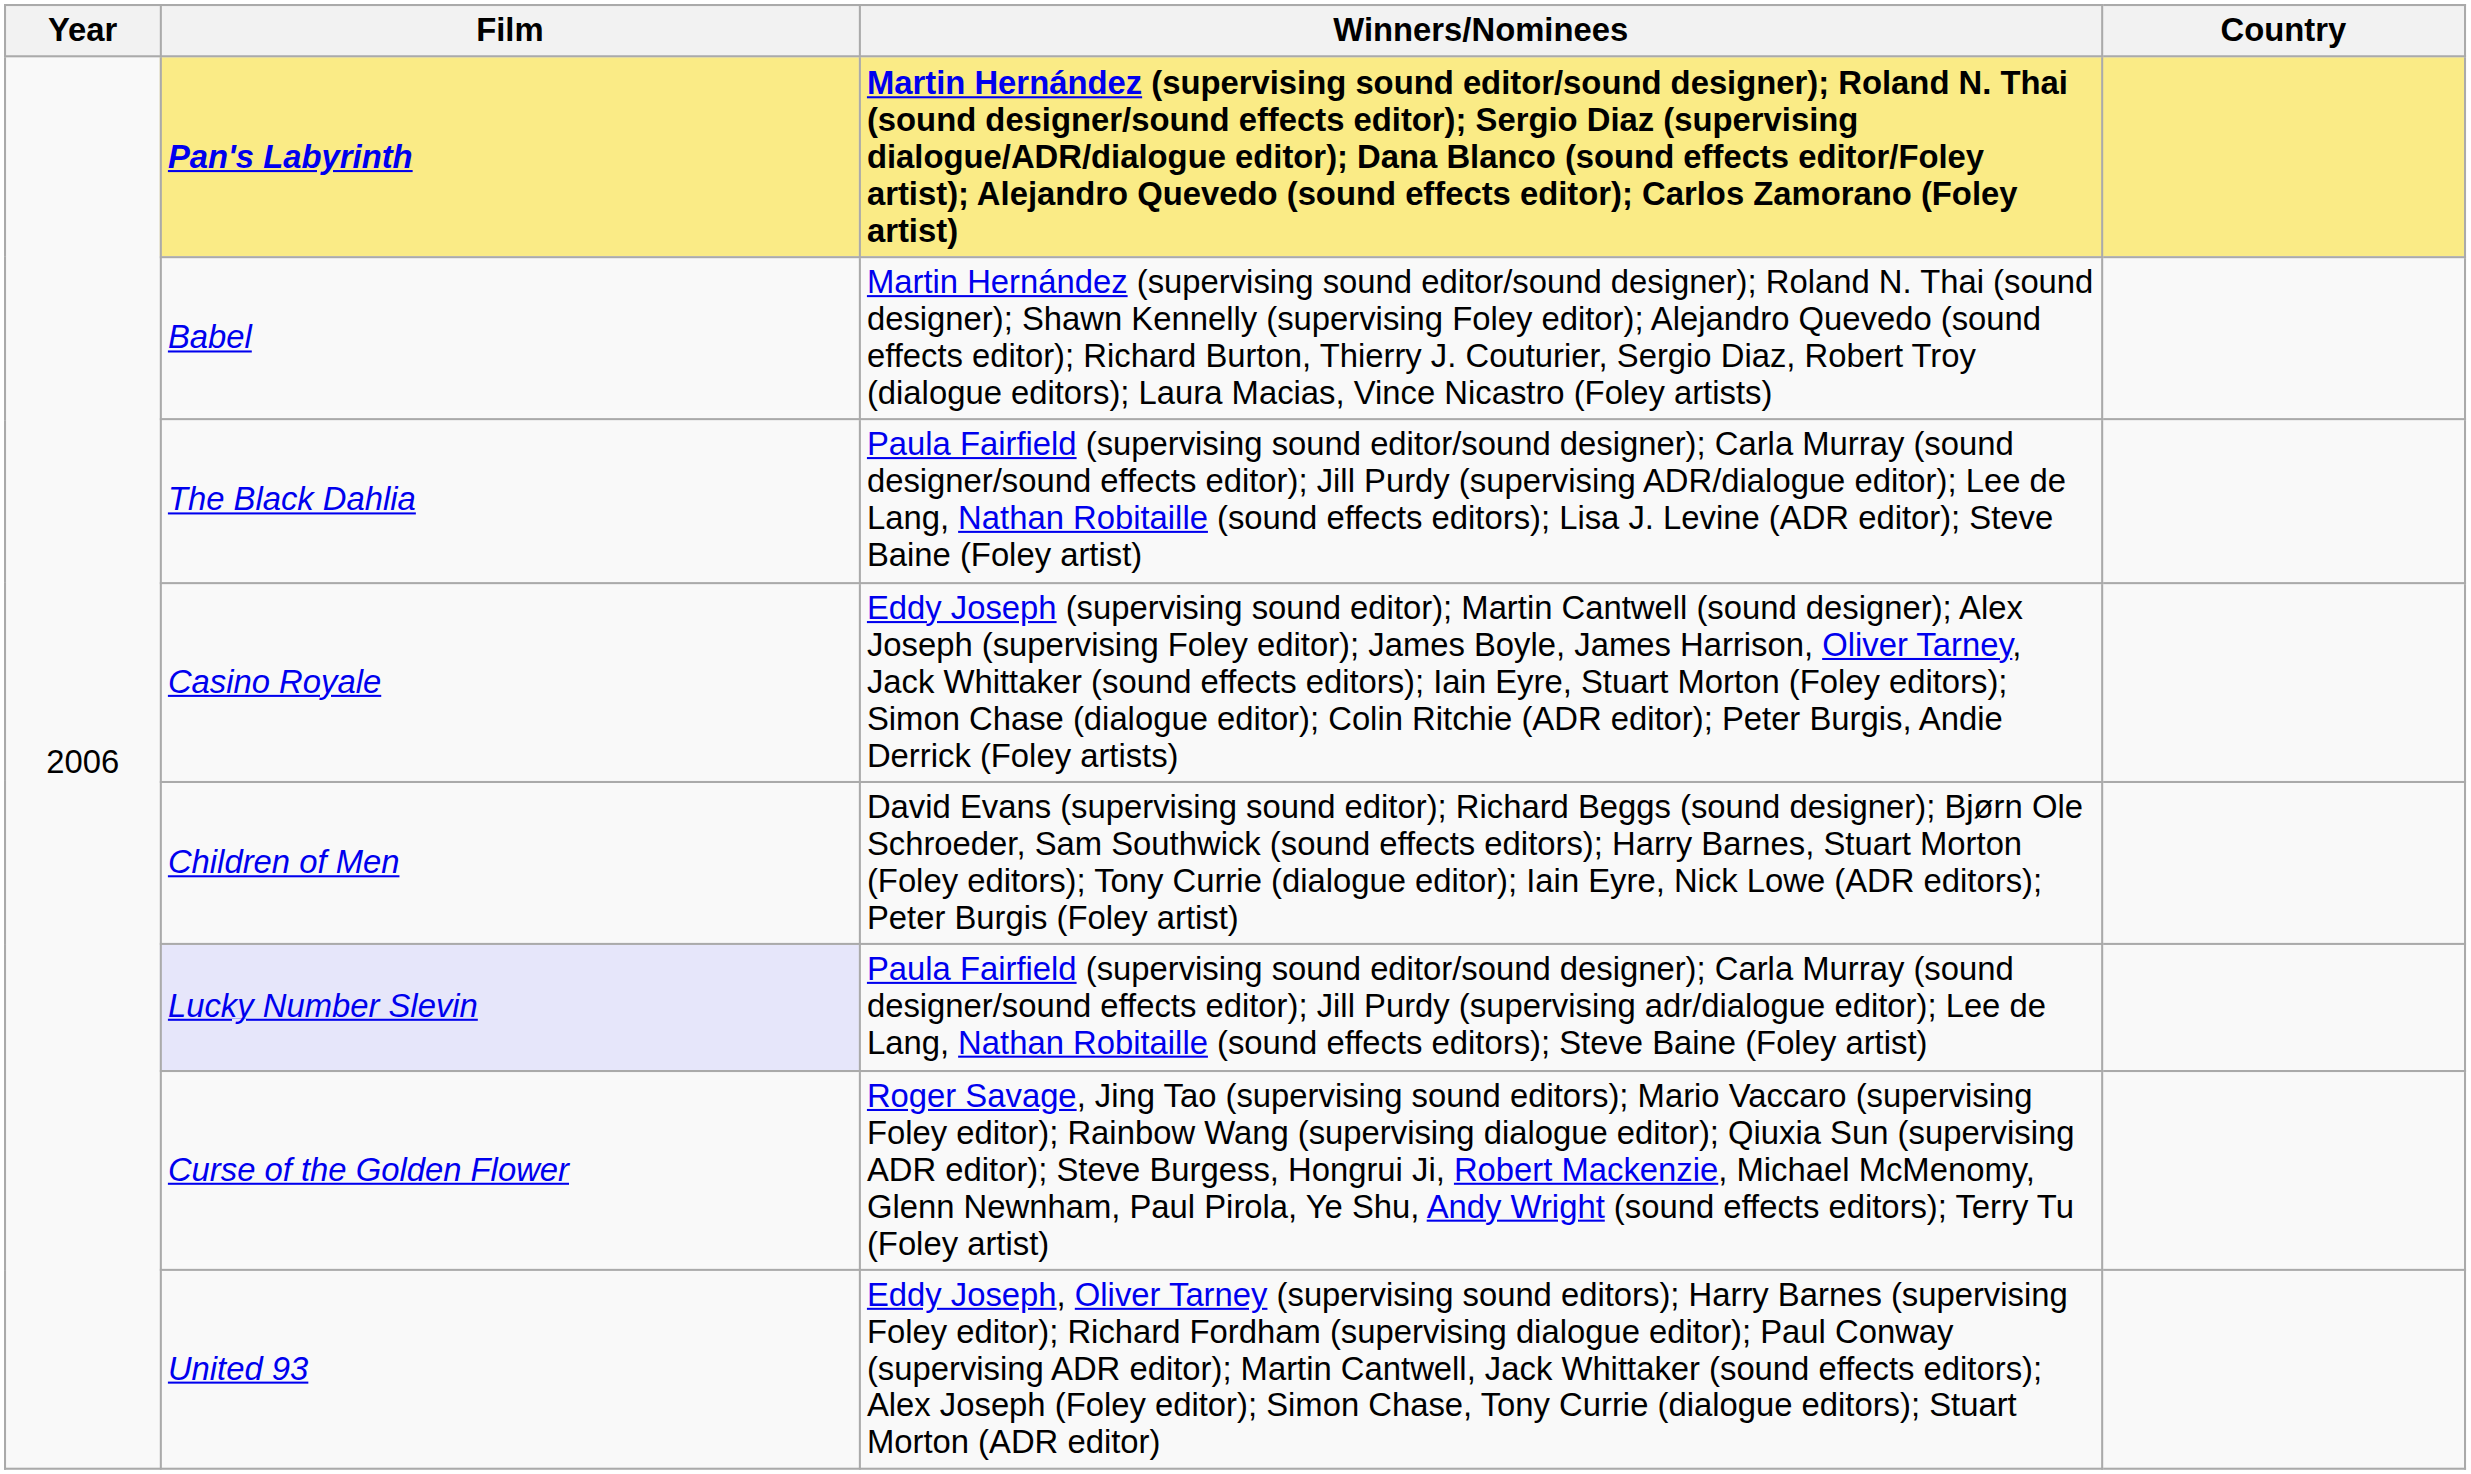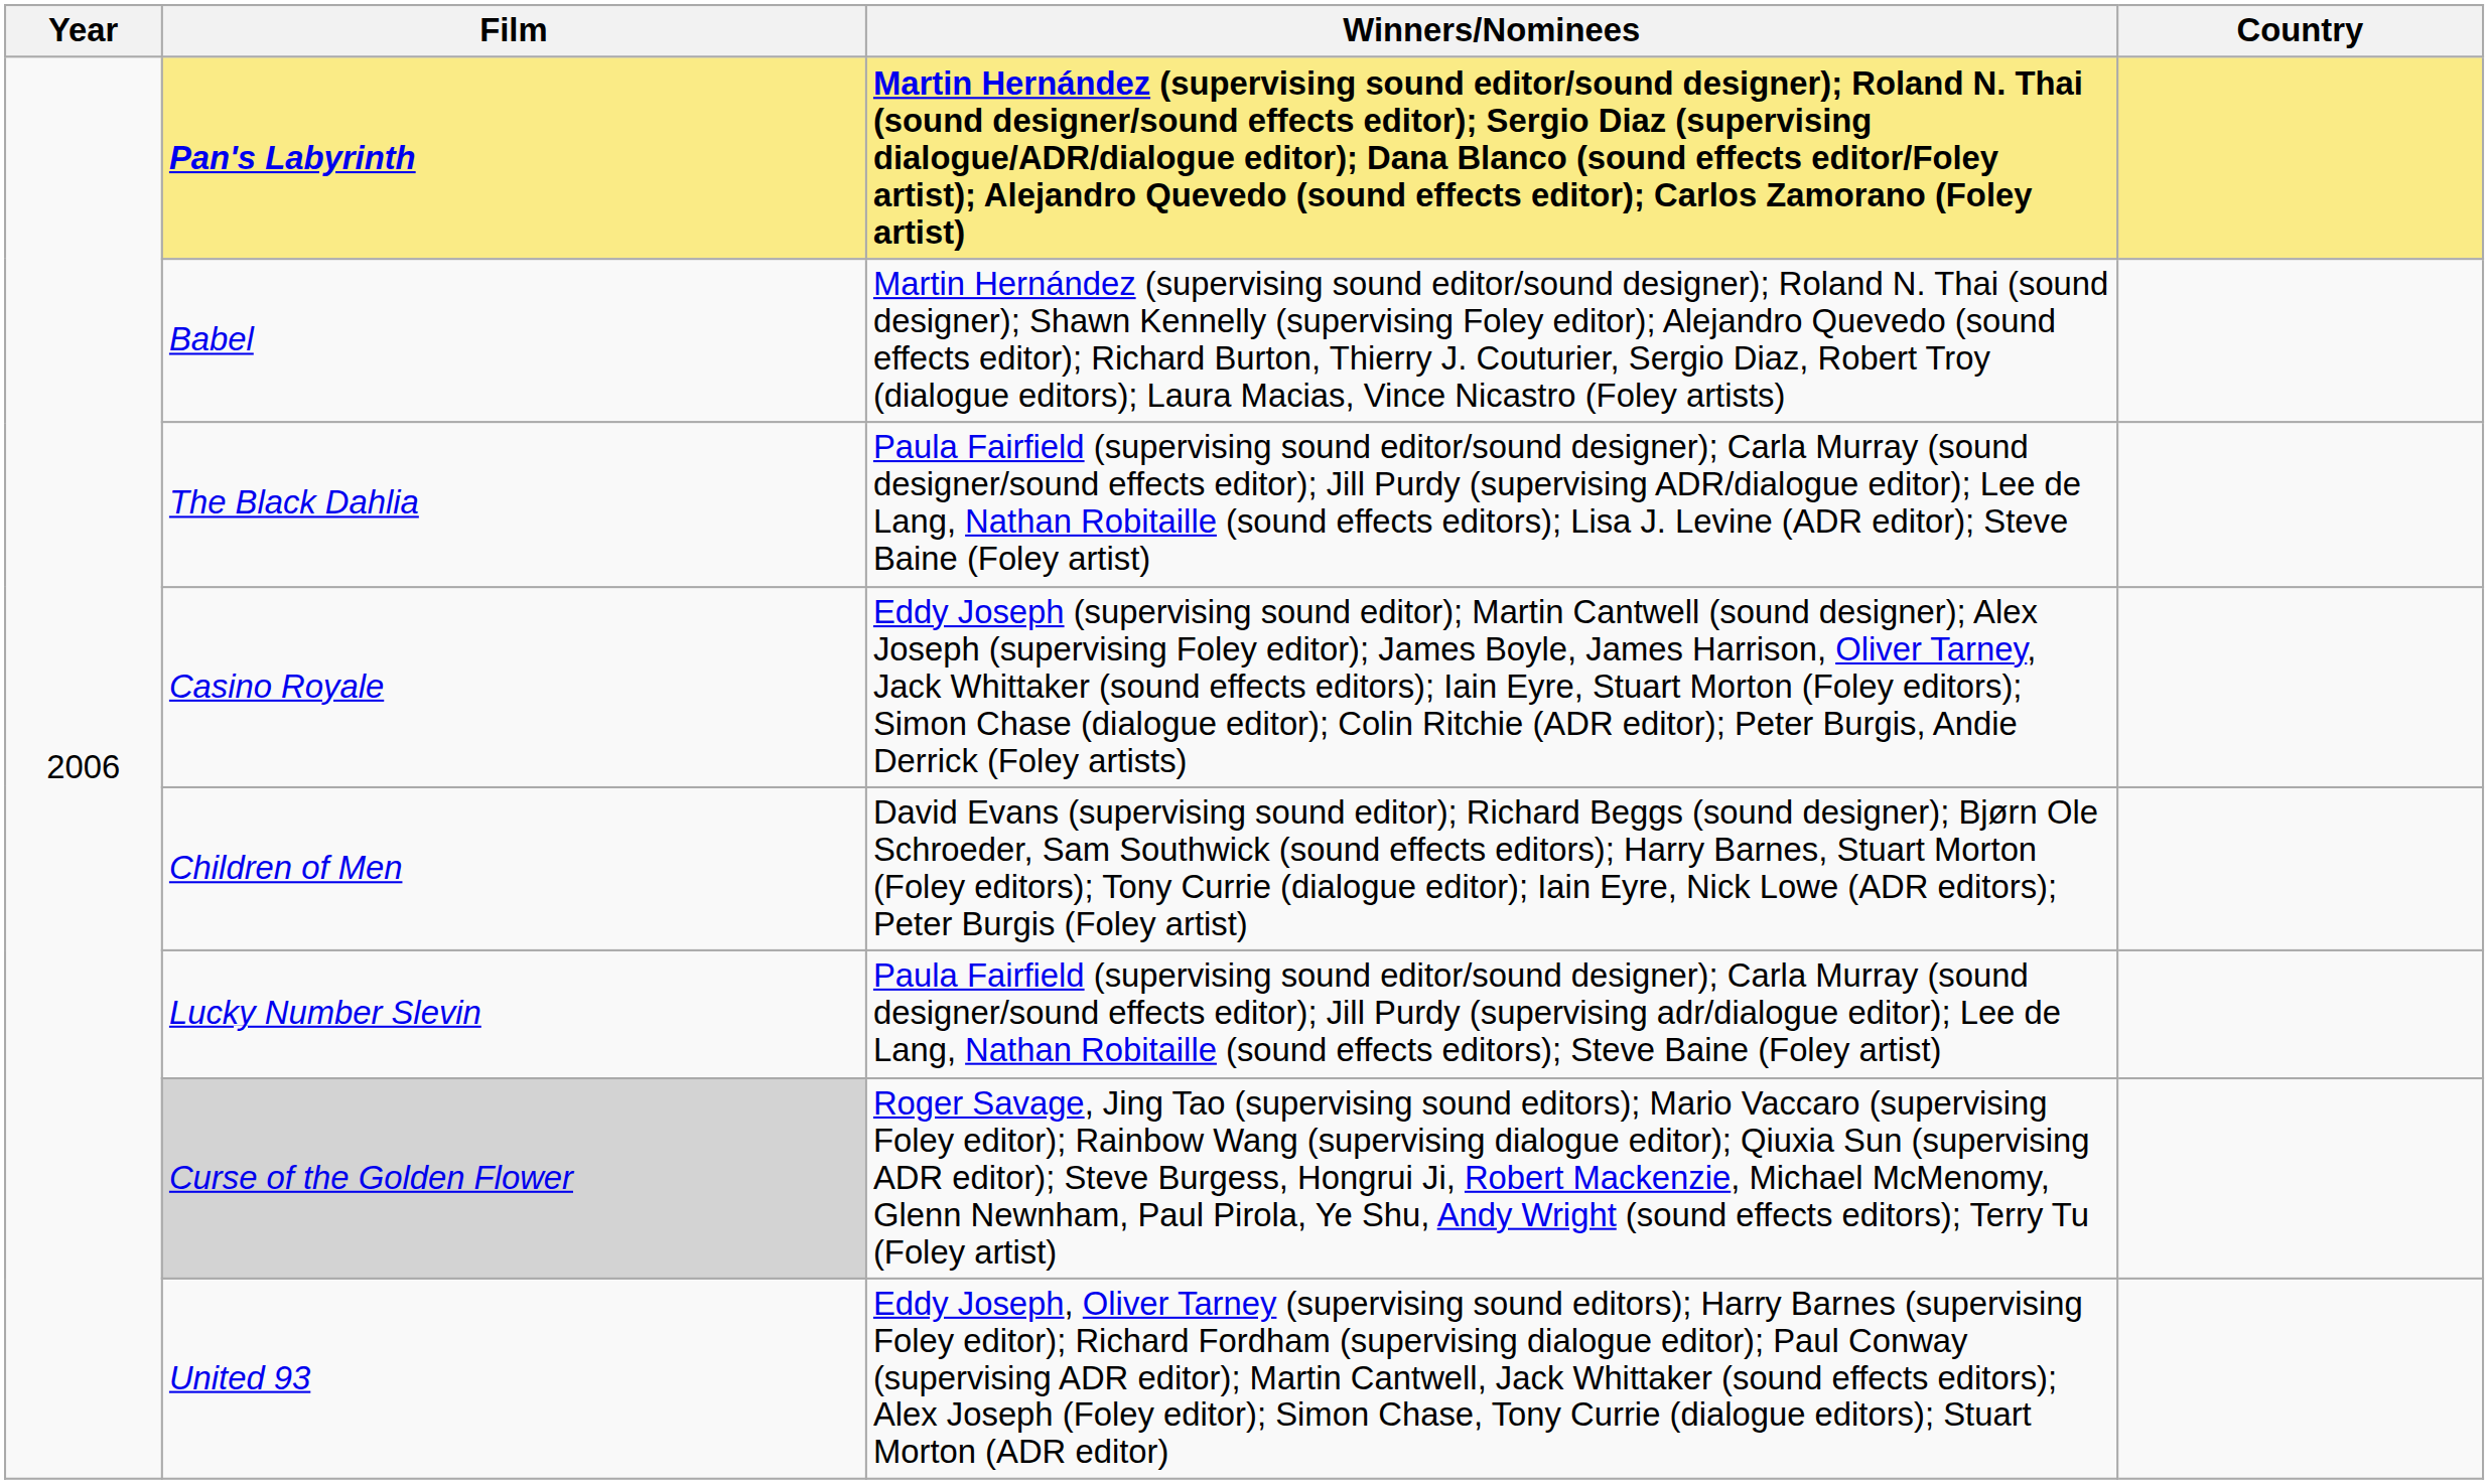 <table class="wikitable" width="95%" cellpadding="5">
 <tr>
 <th width="6%">Year</th>
 <th width="27%">Film</th>
 <th width="48%">Winners/Nominees</th>
 <th width="14%">Country</th>
 </tr>
 <tr>
 <td rowspan=8 style="text-align:center">2006<br></td>
 <td style="background:#FAEB86;"><strong><em><a href='#'>Pan's Labyrinth</a></em></strong></td>
 <td style="background:#FAEB86;"><strong><a href='#'>Martin Hernández</a> (supervising sound editor/sound designer); Roland N. Thai (sound designer/sound effects editor); Sergio Diaz (supervising dialogue/ADR/dialogue editor); Dana Blanco (sound effects editor/Foley artist); Alejandro Quevedo (sound effects editor); Carlos Zamorano (Foley artist)</strong></td>
 <td style="background:#FAEB86;"><strong><br></strong></td>
 </tr>
 <tr>
 <td><em><a href='#'>Babel</a></em></td>
 <td><a href='#'>Martin Hernández</a> (supervising sound editor/sound designer); Roland N. Thai (sound designer); Shawn Kennelly (supervising Foley editor); Alejandro Quevedo (sound effects editor); Richard Burton, Thierry J. Couturier, Sergio Diaz, Robert Troy (dialogue editors); Laura Macias, Vince Nicastro (Foley artists)</td>
 <td><br><br><br></td>
 </tr>
 <tr>
 <td><em><a href='#'>The Black Dahlia</a></em></td>
 <td><a href='#'>Paula Fairfield</a> (supervising sound editor/sound designer); Carla Murray (sound designer/sound effects editor); Jill Purdy (supervising ADR/dialogue editor); Lee de Lang, <a href='#'>Nathan Robitaille</a> (sound effects editors); Lisa J. Levine (ADR editor); Steve Baine (Foley artist)</td>
 <td><br><br></td>
 </tr>
 <tr>
 <td><em><a href='#'>Casino Royale</a></em></td>
 <td><a href='#'>Eddy Joseph</a> (supervising sound editor); Martin Cantwell (sound designer); Alex Joseph (supervising Foley editor); James Boyle, James Harrison, <a href='#'>Oliver Tarney</a>, Jack Whittaker (sound effects editors); Iain Eyre, Stuart Morton (Foley editors); Simon Chase (dialogue editor); Colin Ritchie (ADR editor); Peter Burgis, Andie Derrick (Foley artists)</td>
 <td><br><br><br></td>
 </tr>
 <tr>
 <td><em><a href='#'>Children of Men</a></em></td>
 <td>David Evans (supervising sound editor); Richard Beggs (sound designer); Bjørn Ole Schroeder, Sam Southwick (sound effects editors); Harry Barnes, Stuart Morton (Foley editors); Tony Currie (dialogue editor); Iain Eyre, Nick Lowe (ADR editors); Peter Burgis (Foley artist)</td>
 <td><br><br></td>
 </tr>
 <tr>
-<td style="background: lavender;"><em><a href='#'>Lucky Number Slevin</a></em></td>
+<td><em><a href='#'>Lucky Number Slevin</a></em></td>
 <td><a href='#'>Paula Fairfield</a> (supervising sound editor/sound designer); Carla Murray (sound designer/sound effects editor); Jill Purdy (supervising adr/dialogue editor); Lee de Lang, <a href='#'>Nathan Robitaille</a> (sound effects editors); Steve Baine (Foley artist)</td>
 <td><br><br><br></td>
 </tr>
 <tr>
-<td><em><a href='#'>Curse of the Golden Flower</a></em></td>
+<td style="background: lightgrey;"><em><a href='#'>Curse of the Golden Flower</a></em></td>
 <td><a href='#'>Roger Savage</a>, Jing Tao (supervising sound editors); Mario Vaccaro (supervising Foley editor); Rainbow Wang (supervising dialogue editor); Qiuxia Sun (supervising ADR editor); Steve Burgess, Hongrui Ji, <a href='#'>Robert Mackenzie</a>, Michael McMenomy, Glenn Newnham, Paul Pirola, Ye Shu, <a href='#'>Andy Wright</a> (sound effects editors); Terry Tu (Foley artist)</td>
 <td></td>
 </tr>
 <tr>
 <td><em><a href='#'>United 93</a></em></td>
 <td><a href='#'>Eddy Joseph</a>, <a href='#'>Oliver Tarney</a> (supervising sound editors); Harry Barnes (supervising Foley editor); Richard Fordham (supervising dialogue editor); Paul Conway (supervising ADR editor); Martin Cantwell, Jack Whittaker (sound effects editors); Alex Joseph (Foley editor); Simon Chase, Tony Currie (dialogue editors); Stuart Morton (ADR editor)</td>
 <td><br><br></td>
 </tr>
 </table>
